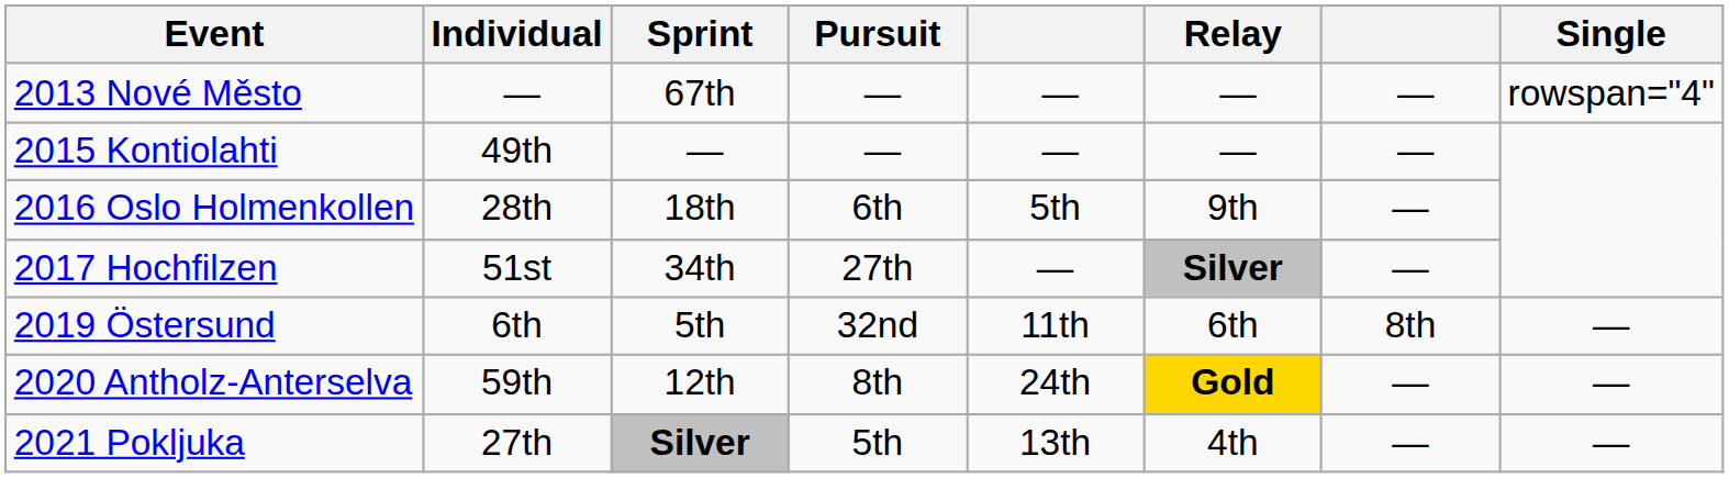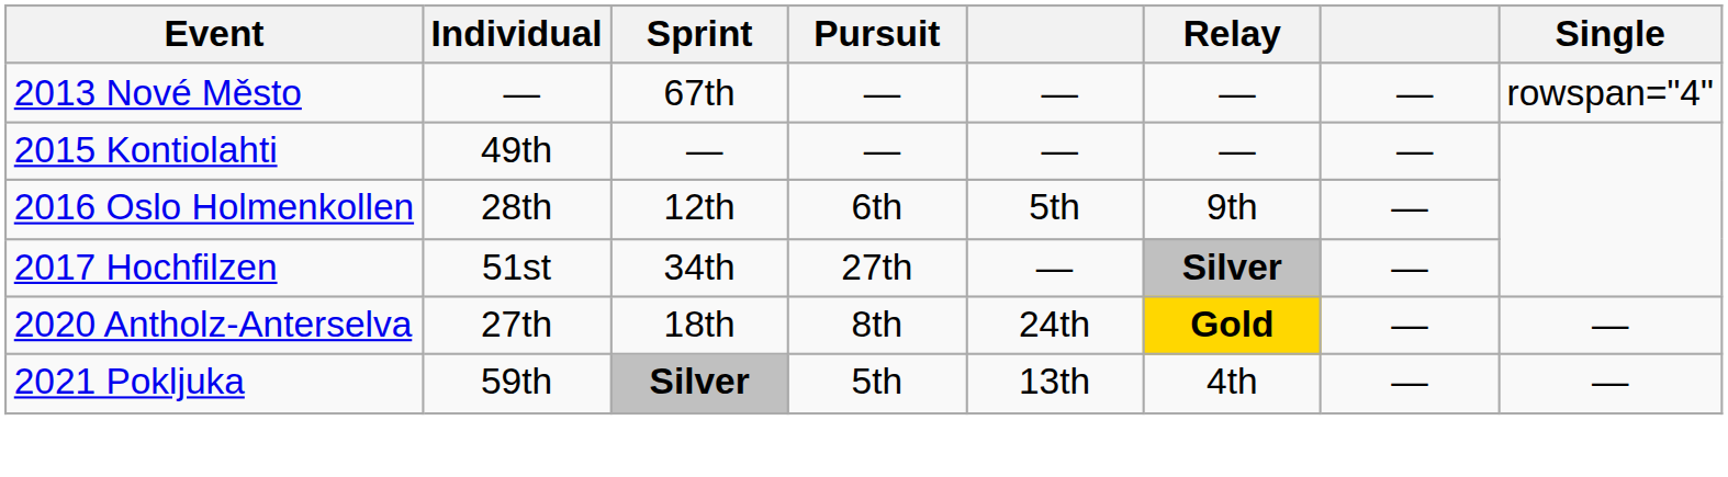 <table class="wikitable" style="text-align: center;">
 <tr>
 <th>Event</th>
 <th style="width:70px;">Individual</th>
 <th style="width:70px;">Sprint</th>
 <th style="width:70px;">Pursuit</th>
 <th style="width:70px;"></th>
 <th style="width:70px;">Relay</th>
 <th style="width:70px;"></th>
 <th style="width:70px;">Single </th>
 </tr>
 <tr>
 <td align=left> <a href='#'>2013 Nové Město</a></td>
 <td> —</td>
 <td>67th</td>
 <td> —</td>
 <td> —</td>
 <td> —</td>
 <td> —</td>
 <td>rowspan="4" </td>
 </tr>
 <tr>
 <td align=left> <a href='#'>2015 Kontiolahti</a></td>
 <td>49th</td>
 <td> —</td>
 <td> —</td>
 <td> —</td>
 <td> —</td>
 <td> —</td>
 </tr>
 <tr>
 <td align=left> <a href='#'>2016 Oslo Holmenkollen</a></td>
 <td>28th</td>
-<td>18th</td>
+<td>12th</td>
 <td>6th</td>
 <td>5th</td>
 <td>9th</td>
 <td>—</td>
 </tr>
 <tr>
 <td align=left> <a href='#'>2017 Hochfilzen</a></td>
 <td>51st</td>
 <td>34th</td>
 <td>27th</td>
 <td>—</td>
 <td style="background:silver;"><strong>Silver</strong></td>
 <td>—</td>
 </tr>
 <tr>
-<td align=left> <a href='#'>2019 Östersund</a></td>
-<td>6th</td>
-<td>5th</td>
-<td>32nd</td>
-<td>11th</td>
-<td>6th</td>
-<td>8th</td>
-<td>—</td>
-</tr>
-<tr>
 <td align=left> <a href='#'>2020 Antholz-Anterselva</a></td>
-<td>59th</td>
-<td>12th</td>
+<td>27th</td>
+<td>18th</td>
 <td>8th</td>
 <td>24th</td>
 <td style="background:gold;"><strong>Gold</strong></td>
 <td>—</td>
 <td>—</td>
 </tr>
 <tr>
 <td align=left> <a href='#'>2021 Pokljuka</a></td>
-<td>27th</td>
+<td>59th</td>
 <td style="background:silver;"><strong>Silver</strong></td>
 <td>5th</td>
 <td>13th</td>
 <td>4th</td>
 <td>—</td>
 <td>—</td>
 </tr>
 </table>
